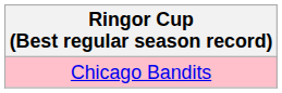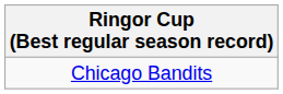 <table class="wikitable" style="text-align:center">
 <tr>
 <th>Ringor Cup <br>(Best regular season record)</th>
 </tr>
 <tr>
-<td style="background: pink;"><a href='#'>Chicago Bandits</a></td>
+<td><a href='#'>Chicago Bandits</a></td>
 </tr>
 </table>
